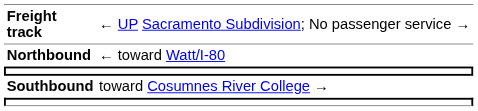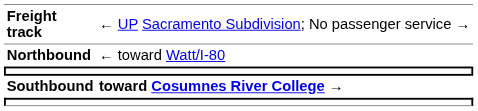 <table border=0 cellspacing=0 cellpadding=3>
 <tr>
 <td style="border-top:solid 1px gray" width=90><strong>Freight track</strong></td>
 <td style="border-top:solid 1px gray">← <a href='#'>UP</a> <a href='#'>Sacramento Subdivision</a>; No passenger service  →</td>
 </tr>
 <tr>
 <td style="border-top:solid 1px gray"><strong>Northbound</strong></td>
 <td style="border-top:solid 1px gray">←  toward <a href='#'>Watt/I-80</a> </td>
 </tr>
 <tr>
 <td style="border-top:solid 2px black;border-right:solid 2px black;border-left:solid 2px black;border-bottom:solid 2px black;text-align:center" colspan=2></td>
 </tr>
 <tr>
 <td><strong>Southbound</strong></td>
-<td>  toward <a href='#'>Cosumnes River College</a>  →</td>
+<td><strong>  toward <a href='#'>Cosumnes River College</a>  →</strong></td>
 </tr>
 <tr>
 <td style="border-top:solid 2px black;border-right:solid 2px black;border-left:solid 2px black;border-bottom:solid 1px gray;text-align:center" colspan=2></td>
 </tr>
 </table>
